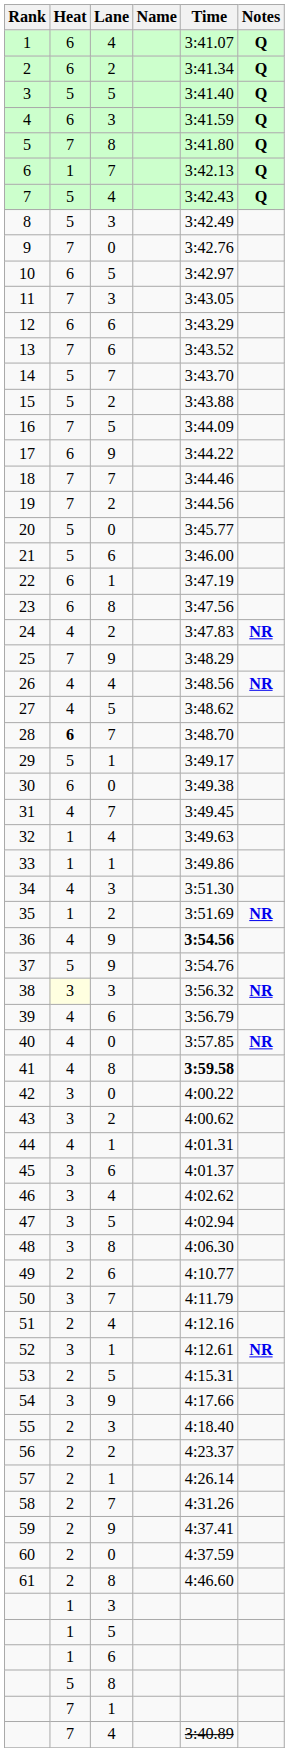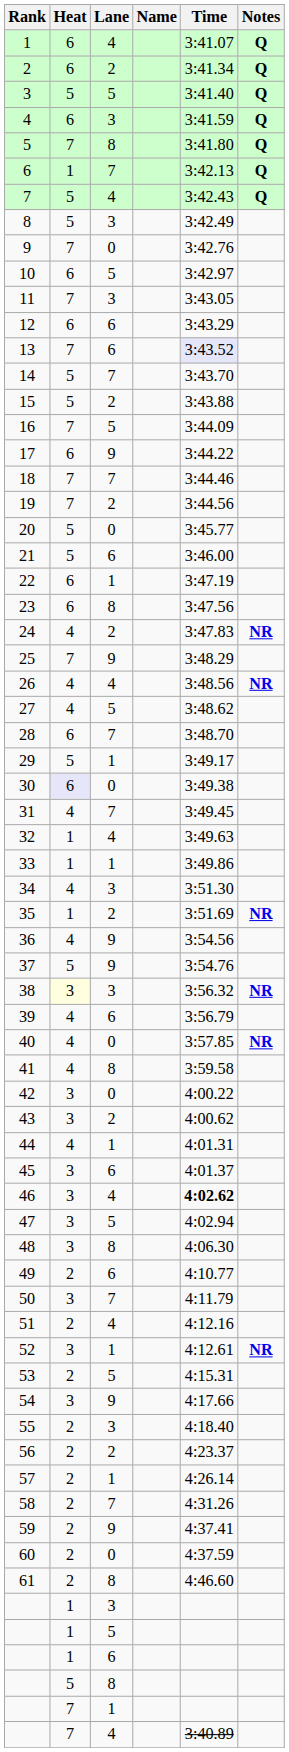 <table class="wikitable sortable" style="text-align:center">
 <tr>
 <th>Rank</th>
 <th>Heat</th>
 <th>Lane</th>
 <th>Name</th>
 <th>Time</th>
 <th>Notes</th>
 </tr>
 <tr bgcolor=ccffcc>
 <td>1</td>
 <td>6</td>
 <td>4</td>
 <td align=left></td>
 <td>3:41.07</td>
 <td><strong>Q</strong></td>
 </tr>
 <tr bgcolor=ccffcc>
 <td>2</td>
 <td>6</td>
 <td>2</td>
 <td align=left></td>
 <td>3:41.34</td>
 <td><strong>Q</strong></td>
 </tr>
 <tr bgcolor=ccffcc>
 <td>3</td>
 <td>5</td>
 <td>5</td>
 <td align=left></td>
 <td>3:41.40</td>
 <td><strong>Q</strong></td>
 </tr>
 <tr bgcolor=ccffcc>
 <td>4</td>
 <td>6</td>
 <td>3</td>
 <td align=left></td>
 <td>3:41.59</td>
 <td><strong>Q</strong></td>
 </tr>
 <tr bgcolor=ccffcc>
 <td>5</td>
 <td>7</td>
 <td>8</td>
 <td align=left></td>
 <td>3:41.80</td>
 <td><strong>Q</strong></td>
 </tr>
 <tr bgcolor=ccffcc>
 <td>6</td>
 <td>1</td>
 <td>7</td>
 <td align=left></td>
 <td>3:42.13</td>
 <td><strong>Q</strong></td>
 </tr>
 <tr bgcolor=ccffcc>
 <td>7</td>
 <td>5</td>
 <td>4</td>
 <td align=left></td>
 <td>3:42.43</td>
 <td><strong>Q</strong></td>
 </tr>
 <tr>
 <td>8</td>
 <td>5</td>
 <td>3</td>
 <td align=left></td>
 <td>3:42.49</td>
 <td></td>
 </tr>
 <tr>
 <td>9</td>
 <td>7</td>
 <td>0</td>
 <td align=left></td>
 <td>3:42.76</td>
 <td></td>
 </tr>
 <tr>
 <td>10</td>
 <td>6</td>
 <td>5</td>
 <td align=left></td>
 <td>3:42.97</td>
 <td></td>
 </tr>
 <tr>
 <td>11</td>
 <td>7</td>
 <td>3</td>
 <td align=left></td>
 <td>3:43.05</td>
 <td></td>
 </tr>
 <tr>
 <td>12</td>
 <td>6</td>
 <td>6</td>
 <td align=left></td>
 <td>3:43.29</td>
 <td></td>
 </tr>
 <tr>
 <td>13</td>
 <td>7</td>
 <td>6</td>
 <td align=left></td>
-<td>3:43.52</td>
+<td style="background: lavender;">3:43.52</td>
 <td></td>
 </tr>
 <tr>
 <td>14</td>
 <td>5</td>
 <td>7</td>
 <td align=left></td>
 <td>3:43.70</td>
 <td></td>
 </tr>
 <tr>
 <td>15</td>
 <td>5</td>
 <td>2</td>
 <td align=left></td>
 <td>3:43.88</td>
 <td></td>
 </tr>
 <tr>
 <td>16</td>
 <td>7</td>
 <td>5</td>
 <td align=left></td>
 <td>3:44.09</td>
 <td></td>
 </tr>
 <tr>
 <td>17</td>
 <td>6</td>
 <td>9</td>
 <td align=left></td>
 <td>3:44.22</td>
 <td></td>
 </tr>
 <tr>
 <td>18</td>
 <td>7</td>
 <td>7</td>
 <td align=left></td>
 <td>3:44.46</td>
 <td></td>
 </tr>
 <tr>
 <td>19</td>
 <td>7</td>
 <td>2</td>
 <td align=left></td>
 <td>3:44.56</td>
 <td></td>
 </tr>
 <tr>
 <td>20</td>
 <td>5</td>
 <td>0</td>
 <td align=left></td>
 <td>3:45.77</td>
 <td></td>
 </tr>
 <tr>
 <td>21</td>
 <td>5</td>
 <td>6</td>
 <td align=left></td>
 <td>3:46.00</td>
 <td></td>
 </tr>
 <tr>
 <td>22</td>
 <td>6</td>
 <td>1</td>
 <td align=left></td>
 <td>3:47.19</td>
 <td></td>
 </tr>
 <tr>
 <td>23</td>
 <td>6</td>
 <td>8</td>
 <td align=left></td>
 <td>3:47.56</td>
 <td></td>
 </tr>
 <tr>
 <td>24</td>
 <td>4</td>
 <td>2</td>
 <td align=left></td>
 <td>3:47.83</td>
 <td><strong><a href='#'>NR</a></strong></td>
 </tr>
 <tr>
 <td>25</td>
 <td>7</td>
 <td>9</td>
 <td align=left></td>
 <td>3:48.29</td>
 <td></td>
 </tr>
 <tr>
 <td>26</td>
 <td>4</td>
 <td>4</td>
 <td align=left></td>
 <td>3:48.56</td>
 <td><strong><a href='#'>NR</a></strong></td>
 </tr>
 <tr>
 <td>27</td>
 <td>4</td>
 <td>5</td>
 <td align=left></td>
 <td>3:48.62</td>
 <td></td>
 </tr>
 <tr>
 <td>28</td>
-<td><strong>6</strong></td>
+<td>6</td>
 <td>7</td>
 <td align=left></td>
 <td>3:48.70</td>
 <td></td>
 </tr>
 <tr>
 <td>29</td>
 <td>5</td>
 <td>1</td>
 <td align=left></td>
 <td>3:49.17</td>
 <td></td>
 </tr>
 <tr>
 <td>30</td>
-<td>6</td>
+<td style="background: lavender;">6</td>
 <td>0</td>
 <td align=left></td>
 <td>3:49.38</td>
 <td></td>
 </tr>
 <tr>
 <td>31</td>
 <td>4</td>
 <td>7</td>
 <td align=left></td>
 <td>3:49.45</td>
 <td></td>
 </tr>
 <tr>
 <td>32</td>
 <td>1</td>
 <td>4</td>
 <td align=left></td>
 <td>3:49.63</td>
 <td></td>
 </tr>
 <tr>
 <td>33</td>
 <td>1</td>
 <td>1</td>
 <td align=left></td>
 <td>3:49.86</td>
 <td></td>
 </tr>
 <tr>
 <td>34</td>
 <td>4</td>
 <td>3</td>
 <td align=left></td>
 <td>3:51.30</td>
 <td></td>
 </tr>
 <tr>
 <td>35</td>
 <td>1</td>
 <td>2</td>
 <td align=left></td>
 <td>3:51.69</td>
 <td><strong><a href='#'>NR</a></strong></td>
 </tr>
 <tr>
 <td>36</td>
 <td>4</td>
 <td>9</td>
 <td align=left></td>
-<td><strong>3:54.56</strong></td>
+<td>3:54.56</td>
 <td></td>
 </tr>
 <tr>
 <td>37</td>
 <td>5</td>
 <td>9</td>
 <td align=left></td>
 <td>3:54.76</td>
 <td></td>
 </tr>
 <tr>
 <td>38</td>
 <td style="background: lightyellow;">3</td>
 <td>3</td>
 <td align=left></td>
 <td>3:56.32</td>
 <td><strong><a href='#'>NR</a></strong></td>
 </tr>
 <tr>
 <td>39</td>
 <td>4</td>
 <td>6</td>
 <td align=left></td>
 <td>3:56.79</td>
 <td></td>
 </tr>
 <tr>
 <td>40</td>
 <td>4</td>
 <td>0</td>
 <td align=left></td>
 <td>3:57.85</td>
 <td><strong><a href='#'>NR</a></strong></td>
 </tr>
 <tr>
 <td>41</td>
 <td>4</td>
 <td>8</td>
 <td align=left></td>
-<td><strong>3:59.58</strong></td>
+<td>3:59.58</td>
 <td></td>
 </tr>
 <tr>
 <td>42</td>
 <td>3</td>
 <td>0</td>
 <td align=left></td>
 <td>4:00.22</td>
 <td></td>
 </tr>
 <tr>
 <td>43</td>
 <td>3</td>
 <td>2</td>
 <td align=left></td>
 <td>4:00.62</td>
 <td></td>
 </tr>
 <tr>
 <td>44</td>
 <td>4</td>
 <td>1</td>
 <td align=left></td>
 <td>4:01.31</td>
 <td></td>
 </tr>
 <tr>
 <td>45</td>
 <td>3</td>
 <td>6</td>
 <td align=left></td>
 <td>4:01.37</td>
 <td></td>
 </tr>
 <tr>
 <td>46</td>
 <td>3</td>
 <td>4</td>
 <td align=left></td>
-<td>4:02.62</td>
+<td><strong>4:02.62</strong></td>
 <td></td>
 </tr>
 <tr>
 <td>47</td>
 <td>3</td>
 <td>5</td>
 <td align=left></td>
 <td>4:02.94</td>
 <td></td>
 </tr>
 <tr>
 <td>48</td>
 <td>3</td>
 <td>8</td>
 <td align=left></td>
 <td>4:06.30</td>
 <td></td>
 </tr>
 <tr>
 <td>49</td>
 <td>2</td>
 <td>6</td>
 <td align=left></td>
 <td>4:10.77</td>
 <td></td>
 </tr>
 <tr>
 <td>50</td>
 <td>3</td>
 <td>7</td>
 <td align=left></td>
 <td>4:11.79</td>
 <td></td>
 </tr>
 <tr>
 <td>51</td>
 <td>2</td>
 <td>4</td>
 <td align=left></td>
 <td>4:12.16</td>
 <td></td>
 </tr>
 <tr>
 <td>52</td>
 <td>3</td>
 <td>1</td>
 <td align=left></td>
 <td>4:12.61</td>
 <td><strong><a href='#'>NR</a></strong></td>
 </tr>
 <tr>
 <td>53</td>
 <td>2</td>
 <td>5</td>
 <td align=left></td>
 <td>4:15.31</td>
 <td></td>
 </tr>
 <tr>
 <td>54</td>
 <td>3</td>
 <td>9</td>
 <td align=left></td>
 <td>4:17.66</td>
 <td></td>
 </tr>
 <tr>
 <td>55</td>
 <td>2</td>
 <td>3</td>
 <td align=left></td>
 <td>4:18.40</td>
 <td></td>
 </tr>
 <tr>
 <td>56</td>
 <td>2</td>
 <td>2</td>
 <td align=left></td>
 <td>4:23.37</td>
 <td></td>
 </tr>
 <tr>
 <td>57</td>
 <td>2</td>
 <td>1</td>
 <td align=left></td>
 <td>4:26.14</td>
 <td></td>
 </tr>
 <tr>
 <td>58</td>
 <td>2</td>
 <td>7</td>
 <td align=left></td>
 <td>4:31.26</td>
 <td></td>
 </tr>
 <tr>
 <td>59</td>
 <td>2</td>
 <td>9</td>
 <td align=left></td>
 <td>4:37.41</td>
 <td></td>
 </tr>
 <tr>
 <td>60</td>
 <td>2</td>
 <td>0</td>
 <td align=left></td>
 <td>4:37.59</td>
 <td></td>
 </tr>
 <tr>
 <td>61</td>
 <td>2</td>
 <td>8</td>
 <td align=left></td>
 <td>4:46.60</td>
 <td></td>
 </tr>
 <tr>
 <td></td>
 <td>1</td>
 <td>3</td>
 <td align=left></td>
 <td></td>
 <td></td>
 </tr>
 <tr>
 <td></td>
 <td>1</td>
 <td>5</td>
 <td align=left></td>
 <td></td>
 <td></td>
 </tr>
 <tr>
 <td></td>
 <td>1</td>
 <td>6</td>
 <td align=left></td>
 <td></td>
 <td></td>
 </tr>
 <tr>
 <td></td>
 <td>5</td>
 <td>8</td>
 <td align=left></td>
 <td></td>
 <td></td>
 </tr>
 <tr>
 <td></td>
 <td>7</td>
 <td>1</td>
 <td align=left></td>
 <td></td>
 <td></td>
 </tr>
 <tr>
 <td></td>
 <td>7</td>
 <td>4</td>
 <td align=left></td>
 <td><s>3:40.89 </s></td>
 <td></td>
 </tr>
 </table>
